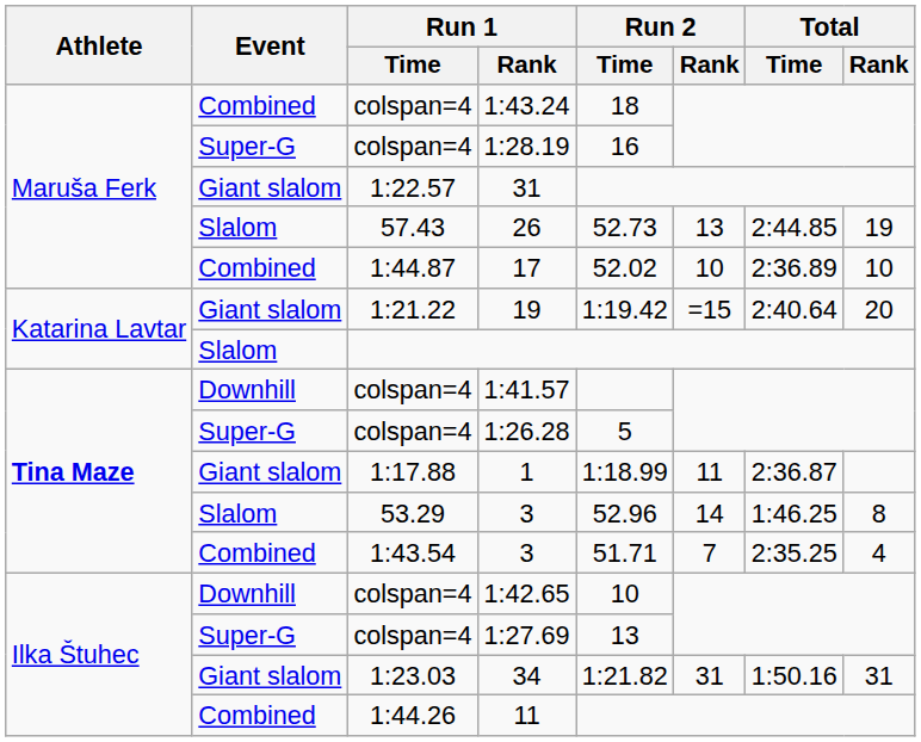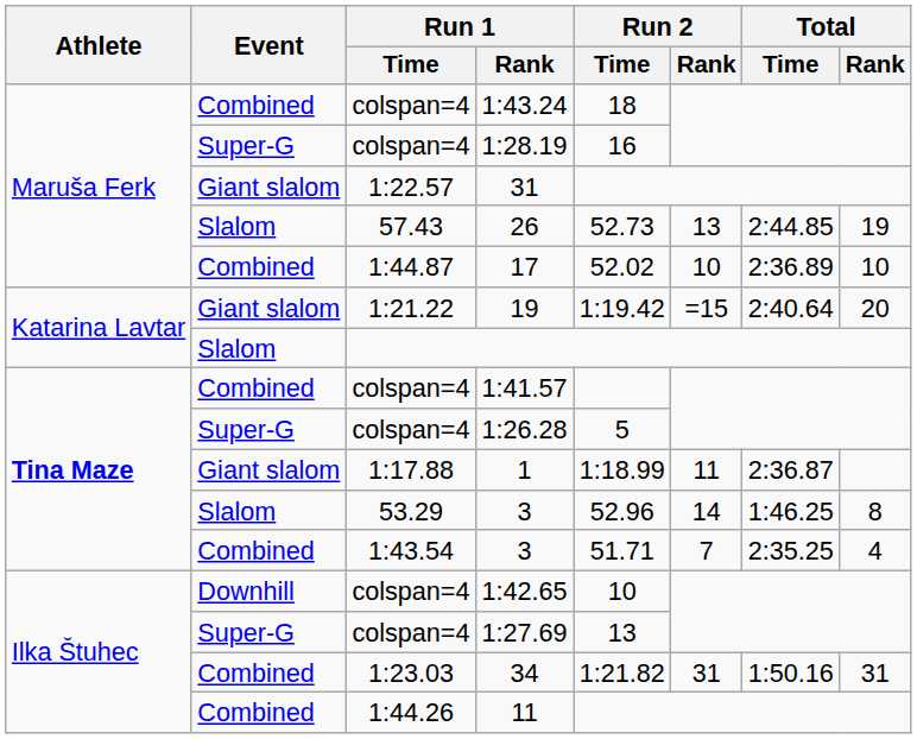 <table class="wikitable" style="font-size:90%">
 <tr>
 <th rowspan=2>Athlete</th>
 <th rowspan=2>Event</th>
 <th colspan=2>Run 1</th>
 <th colspan=2>Run 2</th>
 <th colspan=2>Total</th>
 </tr>
 <tr style="font-size:95%">
 <th>Time</th>
 <th>Rank</th>
 <th>Time</th>
 <th>Rank</th>
 <th>Time</th>
 <th>Rank</th>
 </tr>
 <tr align=center>
 <td style="text-align:left;" rowspan="5"><a href='#'>Maruša Ferk</a></td>
 <td align=left><a href='#'>Combined</a></td>
 <td>colspan=4 </td>
 <td>1:43.24</td>
 <td>18</td>
 </tr>
 <tr align=center>
 <td align=left><a href='#'>Super-G</a></td>
 <td>colspan=4 </td>
 <td>1:28.19</td>
 <td>16</td>
 </tr>
 <tr align=center>
 <td align=left><a href='#'>Giant slalom</a></td>
 <td>1:22.57</td>
 <td>31</td>
 <td colspan=4></td>
 </tr>
 <tr align=center>
 <td align=left><a href='#'>Slalom</a></td>
 <td>57.43</td>
 <td>26</td>
 <td>52.73</td>
 <td>13</td>
 <td>2:44.85</td>
 <td>19</td>
 </tr>
 <tr align=center>
 <td align=left><a href='#'>Combined</a></td>
 <td>1:44.87</td>
 <td>17</td>
 <td>52.02</td>
 <td>10</td>
 <td>2:36.89</td>
 <td>10</td>
 </tr>
 <tr align=center>
 <td style="text-align:left;" rowspan="2"><a href='#'>Katarina Lavtar</a></td>
 <td align=left><a href='#'>Giant slalom</a></td>
 <td>1:21.22</td>
 <td>19</td>
 <td>1:19.42</td>
 <td>=15</td>
 <td>2:40.64</td>
 <td>20</td>
 </tr>
 <tr align=center>
 <td align=left><a href='#'>Slalom</a></td>
 <td colspan=6></td>
 </tr>
 <tr align=center>
 <td style="text-align:left;" rowspan="5"><strong><a href='#'>Tina Maze</a></strong></td>
-<td align=left><a href='#'>Downhill</a></td>
+<td align=left><a href='#'>Combined</a></td>
 <td>colspan=4 </td>
 <td>1:41.57</td>
 <td></td>
 </tr>
 <tr align=center>
 <td align=left><a href='#'>Super-G</a></td>
 <td>colspan=4 </td>
 <td>1:26.28</td>
 <td>5</td>
 </tr>
 <tr align=center>
 <td align=left><a href='#'>Giant slalom</a></td>
 <td>1:17.88</td>
 <td>1</td>
 <td>1:18.99</td>
 <td>11</td>
 <td>2:36.87</td>
 <td></td>
 </tr>
 <tr align=center>
 <td align=left><a href='#'>Slalom</a></td>
 <td>53.29</td>
 <td>3</td>
 <td>52.96</td>
 <td>14</td>
 <td>1:46.25</td>
 <td>8</td>
 </tr>
 <tr align=center>
 <td align=left><a href='#'>Combined</a></td>
 <td>1:43.54</td>
 <td>3</td>
 <td>51.71</td>
 <td>7</td>
 <td>2:35.25</td>
 <td>4</td>
 </tr>
 <tr align=center>
 <td style="text-align:left;" rowspan="4"><a href='#'>Ilka Štuhec</a></td>
 <td align=left><a href='#'>Downhill</a></td>
 <td>colspan=4 </td>
 <td>1:42.65</td>
 <td>10</td>
 </tr>
 <tr align=center>
 <td align=left><a href='#'>Super-G</a></td>
 <td>colspan=4 </td>
 <td>1:27.69</td>
 <td>13</td>
 </tr>
 <tr align=center>
-<td align=left><a href='#'>Giant slalom</a></td>
+<td align=left><a href='#'>Combined</a></td>
 <td>1:23.03</td>
 <td>34</td>
 <td>1:21.82</td>
 <td>31</td>
 <td>1:50.16</td>
 <td>31</td>
 </tr>
 <tr align=center>
 <td align=left><a href='#'>Combined</a></td>
 <td>1:44.26</td>
 <td>11</td>
 <td colspan=4></td>
 </tr>
 </table>
